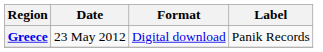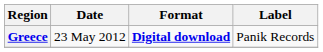 <table class="wikitable sortable plainrowheaders" style="text-align:center">
 <tr>
 <th>Region</th>
 <th>Date</th>
 <th>Format</th>
 <th>Label</th>
 </tr>
 <tr>
 <th scope="row"><a href='#'>Greece</a></th>
 <td>23 May 2012</td>
-<td><a href='#'>Digital download</a></td>
+<td><strong><a href='#'>Digital download</a></strong></td>
 <td>Panik Records</td>
 </tr>
 <tr>
 </tr>
 </table>
